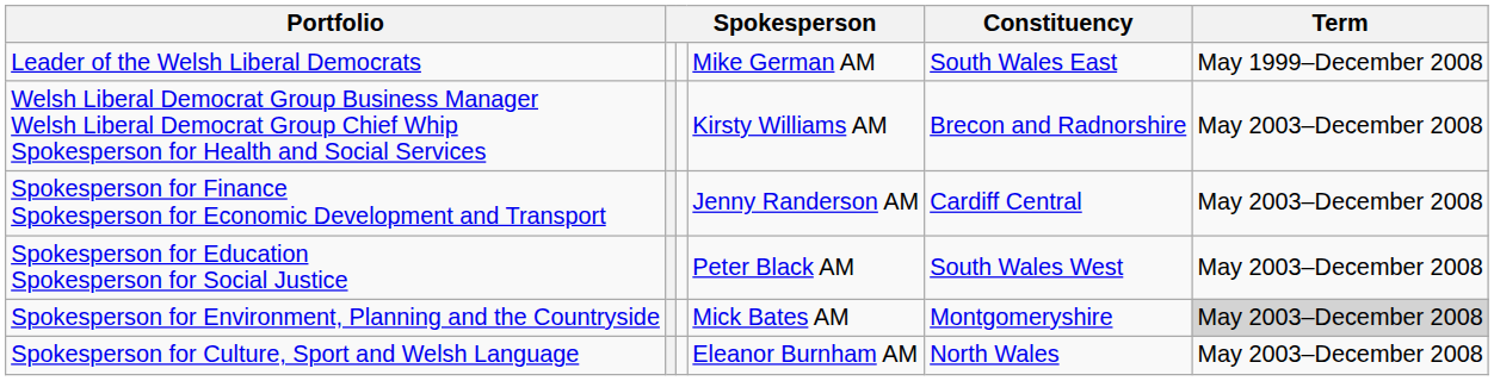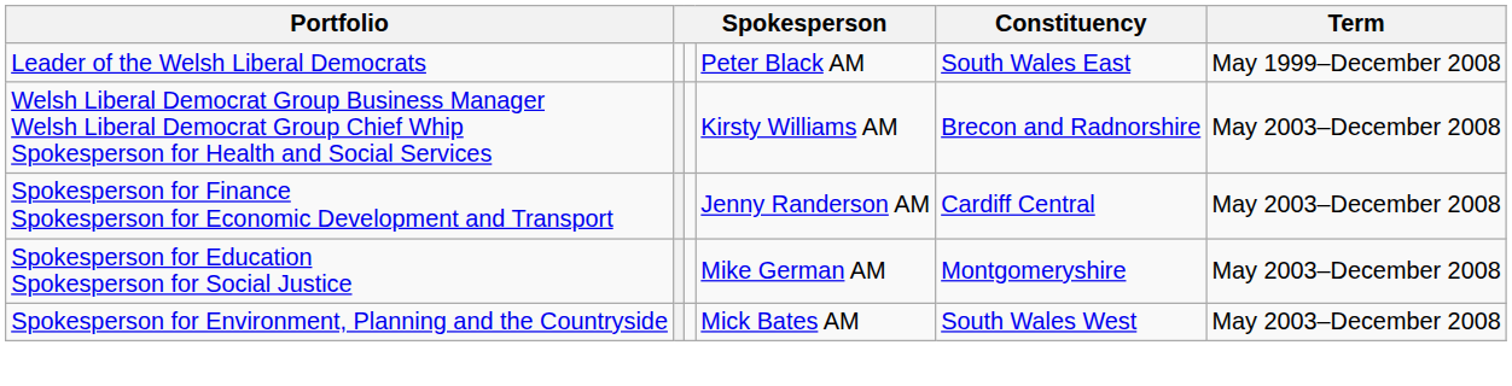 <table class="wikitable">
 <tr>
 <th colspan="1">Portfolio</th>
 <th colspan="3">Spokesperson</th>
 <th colspan="1">Constituency</th>
 <th colspan="1">Term</th>
 </tr>
 <tr>
 <td><a href='#'>Leader of the Welsh Liberal Democrats</a></td>
 <td style="background: "></td>
 <td></td>
-<td><a href='#'>Mike German</a> AM</td>
+<td><a href='#'>Peter Black</a> AM</td>
 <td><a href='#'>South Wales East</a></td>
 <td>May 1999–December 2008</td>
 </tr>
 <tr>
 <td><a href='#'>Welsh Liberal Democrat Group Business Manager</a><br><a href='#'>Welsh Liberal Democrat Group Chief Whip</a><br><a href='#'>Spokesperson for Health and Social Services</a></td>
 <th style="background: "></th>
 <td></td>
 <td><a href='#'>Kirsty Williams</a> AM</td>
 <td><a href='#'>Brecon and Radnorshire</a></td>
 <td>May 2003–December 2008</td>
 </tr>
 <tr>
 <td><a href='#'>Spokesperson for Finance</a><br><a href='#'>Spokesperson for Economic Development and Transport</a></td>
 <th style="background-color: "></th>
 <td></td>
 <td><a href='#'>Jenny Randerson</a> AM</td>
 <td><a href='#'>Cardiff Central</a></td>
 <td>May 2003–December 2008</td>
 </tr>
 <tr>
 <td><a href='#'>Spokesperson for Education</a><br><a href='#'>Spokesperson for Social Justice</a></td>
 <th style="background-color: "></th>
 <td></td>
-<td><a href='#'>Peter Black</a> AM</td>
-<td><a href='#'>South Wales West</a></td>
+<td><a href='#'>Mike German</a> AM</td>
+<td><a href='#'>Montgomeryshire</a></td>
 <td>May 2003–December 2008</td>
 </tr>
 <tr>
 <td><a href='#'>Spokesperson for Environment, Planning and the Countryside</a></td>
 <th style="background-color: "></th>
 <td></td>
 <td><a href='#'>Mick Bates</a> AM</td>
-<td><a href='#'>Montgomeryshire</a></td>
-<td style="background: lightgrey;">May 2003–December 2008</td>
-</tr>
-<tr>
-<td><a href='#'>Spokesperson for Culture, Sport and Welsh Language</a></td>
-<th style="background-color: "></th>
-<td></td>
-<td><a href='#'>Eleanor Burnham</a> AM</td>
-<td><a href='#'>North Wales</a></td>
+<td><a href='#'>South Wales West</a></td>
 <td>May 2003–December 2008</td>
 </tr>
 </table>
